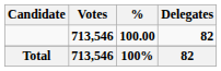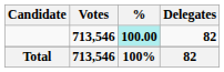 <table class="wikitable sortable" style="text-align:right;">
 <tr>
 <th>Candidate</th>
 <th>Votes</th>
 <th>%</th>
 <th>Delegates</th>
 </tr>
 <tr>
 <td><strong></strong></td>
 <td><strong>713,546</strong></td>
-<td><strong>100.00</strong></td>
+<td style="background: paleturquoise;"><strong>100.00</strong></td>
 <td><strong>82</strong></td>
 </tr>
 <tr>
 </tr>
 <tr style="background-color:#F6F6F6">
 <th>Total</th>
 <th>713,546</th>
 <th>100%</th>
 <th>82</th>
 </tr>
 </table>
